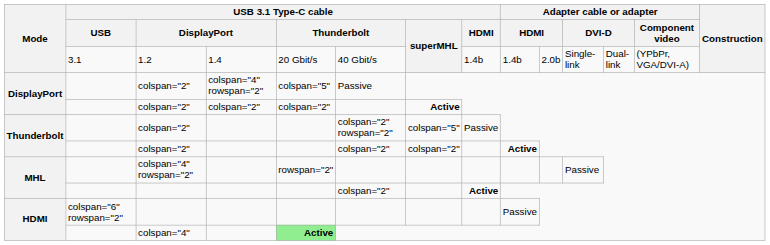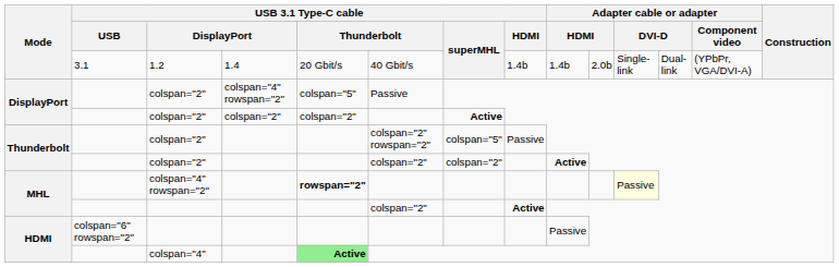 <table class="wikitable">
 <tr>
 <th rowspan="3">Mode</th>
 <th colspan="7">USB 3.1 Type-C cable</th>
 <th colspan="5">Adapter cable or adapter</th>
 <th rowspan="3">Construction</th>
 </tr>
 <tr>
 <th>USB</th>
 <th colspan="2">DisplayPort</th>
 <th colspan="2">Thunderbolt</th>
 <th rowspan="2">superMHL</th>
 <th>HDMI</th>
 <th colspan="2">HDMI</th>
 <th colspan="2">DVI-D</th>
 <th>Component video</th>
 </tr>
 <tr>
 <td>3.1</td>
 <td>1.2</td>
 <td>1.4</td>
 <td>20 Gbit/s</td>
 <td>40 Gbit/s</td>
 <td>1.4b</td>
 <td>1.4b</td>
 <td>2.0b</td>
 <td>Single-link</td>
 <td>Dual-link</td>
 <td>(YPbPr, VGA/DVI-A)</td>
 </tr>
 <tr>
 <th rowspan="2">DisplayPort</th>
 <td></td>
 <td>colspan="2" </td>
 <td>colspan="4" rowspan="2" </td>
 <td>colspan="5" </td>
 <td>Passive</td>
 </tr>
 <tr>
 <td></td>
 <td>colspan="2" </td>
 <td>colspan="2" </td>
 <td>colspan="2" </td>
 <td></td>
 <td align="right"><strong>Active</strong></td>
 </tr>
 <tr>
 <th rowspan="2">Thunderbolt</th>
 <td></td>
 <td>colspan="2" </td>
 <td></td>
 <td></td>
 <td>colspan="2" rowspan="2" </td>
 <td>colspan="5" </td>
 <td>Passive</td>
 </tr>
 <tr>
 <td></td>
 <td>colspan="2" </td>
 <td></td>
 <td></td>
 <td>colspan="2" </td>
 <td>colspan="2" </td>
 <td></td>
 <td align="right"><strong>Active</strong></td>
 </tr>
 <tr>
 <th rowspan="2">MHL</th>
 <td></td>
 <td>colspan="4" rowspan="2" </td>
 <td></td>
-<td>rowspan="2" </td>
+<td><strong>rowspan="2" </strong></td>
 <td></td>
 <td></td>
 <td></td>
 <td></td>
 <td></td>
-<td>Passive</td>
+<td style="background: lightyellow;">Passive</td>
 </tr>
 <tr>
 <td></td>
 <td></td>
 <td></td>
 <td></td>
 <td>colspan="2" </td>
 <td></td>
 <td align="right"><strong>Active</strong></td>
 </tr>
 <tr>
 <th rowspan="2">HDMI</th>
 <td>colspan="6" rowspan="2" </td>
 <td></td>
 <td></td>
 <td></td>
 <td></td>
 <td></td>
 <td></td>
 <td>Passive</td>
 </tr>
 <tr>
 <td></td>
 <td>colspan="4" </td>
 <td></td>
 <td align="right" style="background: lightgreen;"><strong>Active</strong></td>
 </tr>
 </table>
